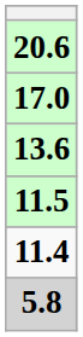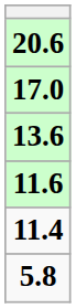 <table class="wikitable" style="text-align: center;">
 <tr>
 <th></th>
 </tr>
 <tr>
 <td style="background:#ccffcc;"><strong>20.6</strong></td>
 </tr>
 <tr>
 <td style="background:#ccffcc;"><strong>17.0</strong></td>
 </tr>
 <tr>
 <td style="background:#ccffcc;"><strong>13.6</strong></td>
 </tr>
 <tr>
-<td style="background:#ccffcc;"><strong>11.5</strong></td>
+<td style="background:#ccffcc;"><strong>11.6</strong></td>
 </tr>
 <tr>
 <td><strong>11.4</strong></td>
 </tr>
 <tr>
-<td style="background: lightgrey;"><strong>5.8</strong></td>
+<td><strong>5.8</strong></td>
 </tr>
 </table>
